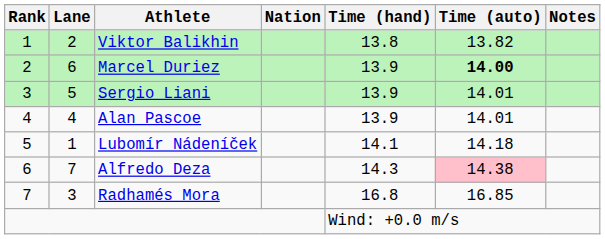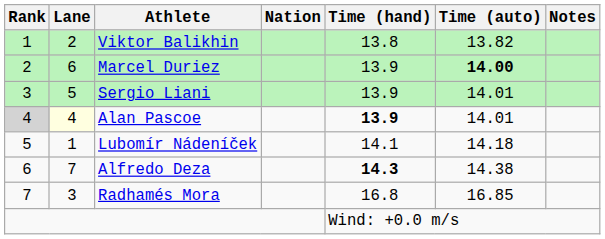 <table class="wikitable sortable" style="text-align:center">
 <tr>
 <th>Rank</th>
 <th>Lane</th>
 <th>Athlete</th>
 <th>Nation</th>
 <th>Time (hand)</th>
 <th>Time (auto)</th>
 <th>Notes</th>
 </tr>
 <tr bgcolor=bbf3bb>
 <td>1</td>
 <td>2</td>
 <td align=left><a href='#'>Viktor Balikhin</a></td>
 <td align=left></td>
 <td>13.8</td>
 <td>13.82</td>
 <td></td>
 </tr>
 <tr bgcolor=bbf3bb>
 <td>2</td>
 <td>6</td>
 <td align=left><a href='#'>Marcel Duriez</a></td>
 <td align=left></td>
 <td>13.9</td>
 <td><strong>14.00</strong></td>
 <td></td>
 </tr>
 <tr bgcolor=bbf3bb>
 <td>3</td>
 <td>5</td>
 <td align=left><a href='#'>Sergio Liani</a></td>
 <td align=left></td>
 <td>13.9</td>
 <td>14.01</td>
 <td></td>
 </tr>
 <tr>
-<td>4</td>
-<td>4</td>
+<td style="background: lightgrey;">4</td>
+<td style="background: lightyellow;">4</td>
 <td align=left><a href='#'>Alan Pascoe</a></td>
 <td align=left></td>
-<td>13.9</td>
+<td><strong>13.9</strong></td>
 <td>14.01</td>
 <td></td>
 </tr>
 <tr>
 <td>5</td>
 <td>1</td>
 <td align=left><a href='#'>Lubomír Nádeníček</a></td>
 <td align=left></td>
 <td>14.1</td>
 <td>14.18</td>
 <td></td>
 </tr>
 <tr>
 <td>6</td>
 <td>7</td>
 <td align=left><a href='#'>Alfredo Deza</a></td>
 <td align=left></td>
-<td>14.3</td>
-<td style="background: pink;">14.38</td>
+<td><strong>14.3</strong></td>
+<td>14.38</td>
 <td></td>
 </tr>
 <tr>
 <td>7</td>
 <td>3</td>
 <td align=left><a href='#'>Radhamés Mora</a></td>
 <td align=left></td>
 <td>16.8</td>
 <td>16.85</td>
 <td></td>
 </tr>
 <tr class="sortbottom">
 <td colspan=4></td>
 <td colspan="3" style="text-align:left;">Wind: +0.0 m/s</td>
 </tr>
 </table>
